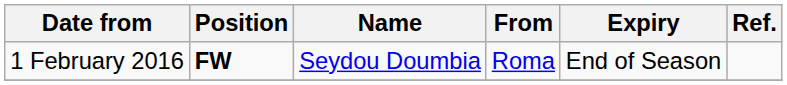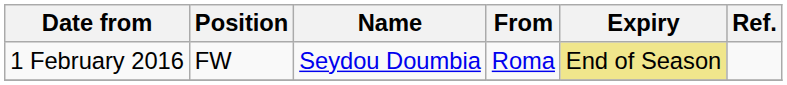 <table class="wikitable">
 <tr>
 <th>Date from</th>
 <th>Position</th>
 <th>Name</th>
 <th>From</th>
 <th>Expiry</th>
 <th>Ref.</th>
 </tr>
 <tr>
 <td>1 February 2016</td>
-<td><strong>FW</strong></td>
+<td>FW</td>
 <td> <a href='#'>Seydou Doumbia</a></td>
 <td> <a href='#'>Roma</a></td>
-<td>End of Season</td>
+<td style="background: khaki;">End of Season</td>
 <td></td>
 </tr>
 <tr>
 </tr>
 </table>
